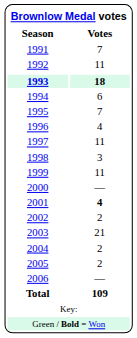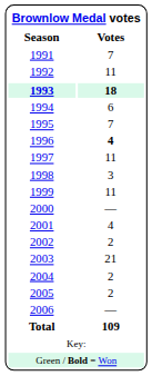 <table style="margin-right:4px; margin-top:8px; float:right; border:1px #000 solid; border-radius:8px; background:#fff; font-family:Verdana; font-size:8pt; text-align:center;">
 <tr style="background:#fff;">
 <td colspan="2;" style="padding:3px; margin-bottom:-3px; margin-top:2px; font-family:Arial; "><strong><a href='#'>Brownlow Medal</a> votes</strong></td>
 </tr>
 <tr>
 <th style="width:50%;">Season</th>
 <th style="width:50%;">Votes</th>
 </tr>
 <tr>
 <td><a href='#'>1991</a></td>
 <td>7</td>
 </tr>
 <tr>
 <td><a href='#'>1992</a></td>
 <td>11</td>
 </tr>
 <tr>
 </tr>
 <tr style="background:#D9F9E9;">
 <td><strong><a href='#'>1993</a></strong></td>
 <td><strong>18</strong></td>
 </tr>
 <tr>
 <td><a href='#'>1994</a></td>
 <td>6</td>
 </tr>
 <tr>
 <td><a href='#'>1995</a></td>
 <td>7</td>
 </tr>
 <tr>
 <td><a href='#'>1996</a></td>
-<td>4</td>
+<td><strong>4</strong></td>
 </tr>
 <tr>
 <td><a href='#'>1997</a></td>
 <td>11</td>
 </tr>
 <tr>
 <td><a href='#'>1998</a></td>
 <td>3</td>
 </tr>
 <tr>
 <td><a href='#'>1999</a></td>
 <td>11</td>
 </tr>
 <tr>
 <td><a href='#'>2000</a></td>
 <td>—</td>
 </tr>
 <tr>
 <td><a href='#'>2001</a></td>
-<td><strong>4</strong></td>
+<td>4</td>
 </tr>
 <tr>
 <td><a href='#'>2002</a></td>
 <td>2</td>
 </tr>
 <tr>
 <td><a href='#'>2003</a></td>
 <td>21</td>
 </tr>
 <tr>
 <td><a href='#'>2004</a></td>
 <td>2</td>
 </tr>
 <tr>
 <td><a href='#'>2005</a></td>
 <td>2</td>
 </tr>
 <tr>
 <td><a href='#'>2006</a></td>
 <td>—</td>
 </tr>
 <tr>
 <td><strong>Total</strong></td>
 <td><strong>109</strong></td>
 </tr>
 <tr>
 <td colspan=2><small>Key:</small></td>
 </tr>
 <tr style="background:#d9f9e9; border:1px solid #aaa; width:2em;">
 <td colspan=2><small>Green / <strong>Bold</strong> = <a href='#'>Won</a></small></td>
 </tr>
 </table>
